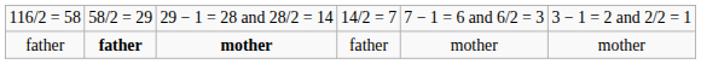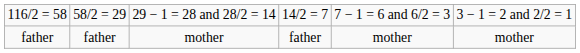 <table class="wikitable">
 <tr>
 <td align="center">116/2 = 58</td>
 <td align="center">58/2 = 29</td>
 <td align="center">29 − 1 = 28 and 28/2 = 14</td>
 <td align="center">14/2 = 7</td>
 <td align="center">7 − 1 = 6 and 6/2 = 3</td>
 <td align="center">3 − 1 = 2 and 2/2 = 1</td>
 </tr>
 <tr>
 <td align="center">father</td>
-<td align="center"><strong>father</strong></td>
-<td align="center"><strong>mother</strong></td>
+<td align="center">father</td>
+<td align="center">mother</td>
 <td align="center">father</td>
 <td align="center">mother</td>
 <td align="center">mother</td>
 </tr>
 </table>
